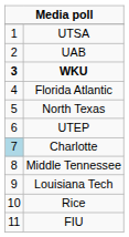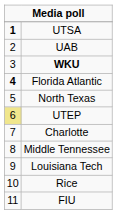 <table class="wikitable" style="display: inline-table;">
 <tr>
 <td align="center" Colspan="3"><strong>Media poll</strong></td>
 </tr>
 <tr align="center">
 </tr>
 <tr align="center">
-<td>1</td>
+<td><strong>1</strong></td>
 <td>UTSA</td>
 </tr>
 <tr align="center">
 <td>2</td>
 <td>UAB</td>
 </tr>
 <tr align="center">
-<td><strong>3</strong></td>
+<td>3</td>
 <td><strong>WKU</strong></td>
 </tr>
 <tr align="center">
-<td>4</td>
+<td><strong>4</strong></td>
 <td>Florida Atlantic</td>
 </tr>
 <tr align="center">
 <td>5</td>
 <td>North Texas</td>
 </tr>
 <tr align="center">
-<td>6</td>
+<td style="background: khaki;">6</td>
 <td>UTEP</td>
 </tr>
 <tr align="center">
-<td style="background: lightblue;">7</td>
+<td>7</td>
 <td>Charlotte</td>
 </tr>
 <tr align="center">
 <td>8</td>
 <td>Middle Tennessee</td>
 </tr>
 <tr align="center">
 <td>9</td>
 <td>Louisiana Tech</td>
 </tr>
 <tr align="center">
 <td>10</td>
 <td>Rice</td>
 </tr>
 <tr align="center">
 <td>11</td>
 <td>FIU</td>
 </tr>
 </table>
